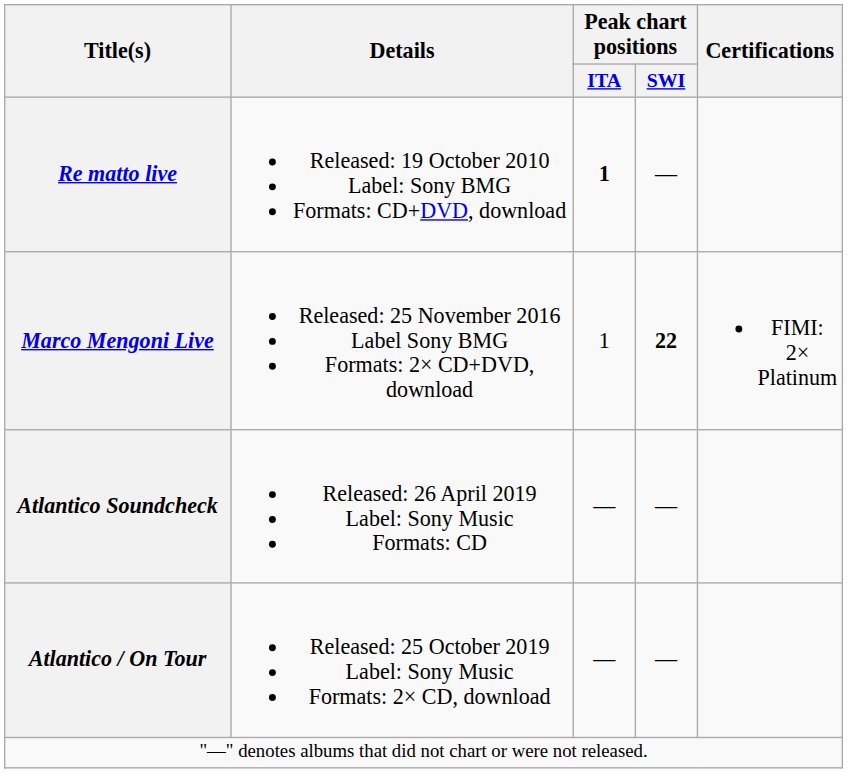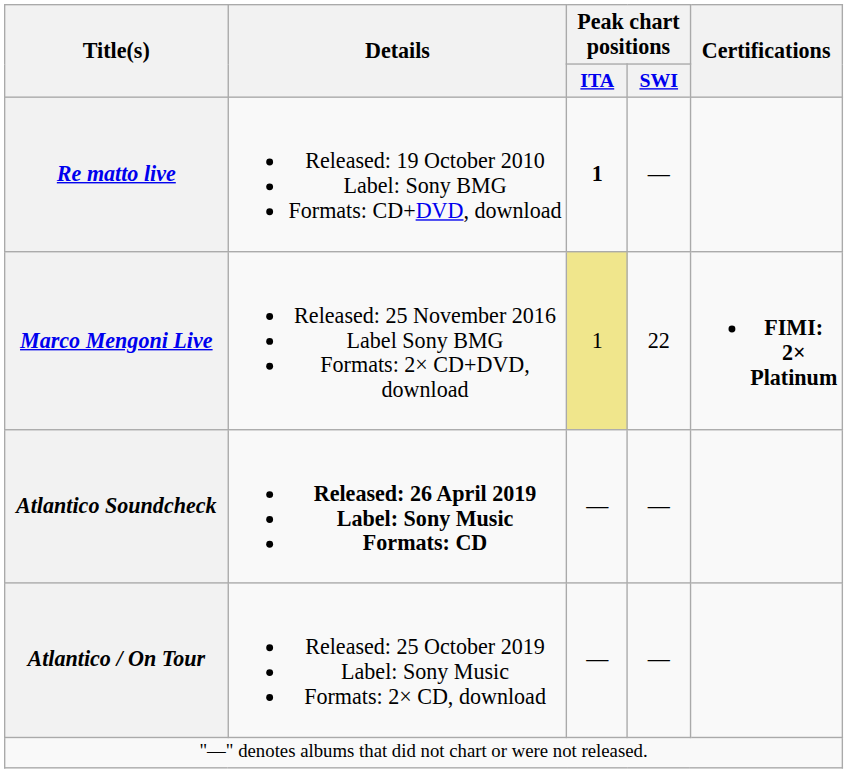 <table class="wikitable plainrowheaders" style="text-align:center;" border="1">
 <tr>
 <th scope="col" rowspan="2" style="width:12em;">Title(s)</th>
 <th scope="col" rowspan="2" style="width:19em;">Details</th>
 <th scope="col" colspan="2">Peak chart positions</th>
 <th scope="col" rowspan="2">Certifications</th>
 </tr>
 <tr>
 <th scope="col" style="width:3em;font-size:90%;"><a href='#'>ITA</a><br></th>
 <th scope="col" style="width:3em;font-size:90%;"><a href='#'>SWI</a><br></th>
 </tr>
 <tr>
 <th scope="row"><em><a href='#'>Re matto live</a></em></th>
 <td><br><ul><li>Released: 19 October 2010</li><li>Label: Sony BMG</li><li>Formats: CD+<a href='#'>DVD</a>, download</li></ul></td>
 <td><strong>1</strong></td>
 <td>—</td>
 <td></td>
 </tr>
 <tr>
 <th scope="row"><em><a href='#'>Marco Mengoni Live</a></em></th>
 <td><br><ul><li>Released: 25 November 2016</li><li>Label Sony BMG</li><li>Formats: 2× CD+DVD, download</li></ul></td>
-<td>1</td>
-<td><strong>22</strong></td>
-<td><br><ul><li>FIMI: 2× Platinum</li></ul></td>
+<td style="background: khaki;">1</td>
+<td>22</td>
+<td><strong><br><ul><li>FIMI: 2× Platinum</li></ul></strong></td>
 </tr>
 <tr>
 <th scope="row"><em>Atlantico Soundcheck</em></th>
-<td><br><ul><li>Released: 26 April 2019</li><li>Label: Sony Music</li><li>Formats: CD</li></ul></td>
+<td><strong><br><ul><li>Released: 26 April 2019</li><li>Label: Sony Music</li><li>Formats: CD</li></ul></strong></td>
 <td>—</td>
 <td>—</td>
 <td></td>
 </tr>
 <tr>
 <th scope="row"><em>Atlantico / On Tour</em></th>
 <td><br><ul><li>Released: 25 October 2019</li><li>Label: Sony Music</li><li>Formats: 2× CD, download</li></ul></td>
 <td>—</td>
 <td>—</td>
 <td></td>
 </tr>
 <tr>
 <td colspan="12" style="font-size:85%;">"—" denotes albums that did not chart or were not released.</td>
 </tr>
 </table>
